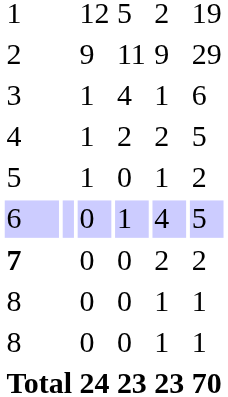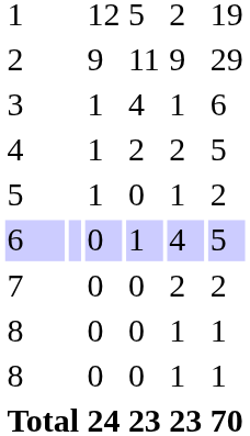 <table>
 <tr>
 <td>1</td>
 <td align=left></td>
 <td>12</td>
 <td>5</td>
 <td>2</td>
 <td>19</td>
 </tr>
 <tr>
 <td>2</td>
 <td align=left></td>
 <td>9</td>
 <td>11</td>
 <td>9</td>
 <td>29</td>
 </tr>
 <tr>
 <td>3</td>
 <td align=left></td>
 <td>1</td>
 <td>4</td>
 <td>1</td>
 <td>6</td>
 </tr>
 <tr>
 <td>4</td>
 <td align=left></td>
 <td>1</td>
 <td>2</td>
 <td>2</td>
 <td>5</td>
 </tr>
 <tr>
 <td>5</td>
 <td align=left></td>
 <td>1</td>
 <td>0</td>
 <td>1</td>
 <td>2</td>
 </tr>
 <tr style="background:#ccf;">
 <td>6</td>
 <td align=left></td>
 <td>0</td>
 <td>1</td>
 <td>4</td>
 <td>5</td>
 </tr>
 <tr>
-<td><strong>7</strong></td>
+<td>7</td>
 <td align=left></td>
 <td>0</td>
 <td>0</td>
 <td>2</td>
 <td>2</td>
 </tr>
 <tr>
 <td>8</td>
 <td align=left></td>
 <td>0</td>
 <td>0</td>
 <td>1</td>
 <td>1</td>
 </tr>
 <tr>
 <td>8</td>
 <td align=left></td>
 <td>0</td>
 <td>0</td>
 <td>1</td>
 <td>1</td>
 </tr>
 <tr>
 <th colspan=2>Total</th>
 <th>24</th>
 <th>23</th>
 <th>23</th>
 <th>70</th>
 </tr>
 </table>
